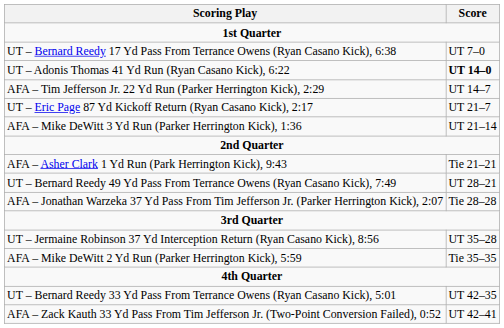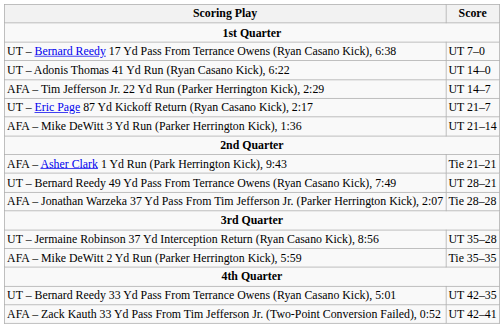 <table class="wikitable">
 <tr>
 <th>Scoring Play</th>
 <th>Score</th>
 </tr>
 <tr>
 <td colspan="4" align="center"><strong>1st Quarter</strong></td>
 </tr>
 <tr>
 <td>UT – <a href='#'>Bernard Reedy</a> 17 Yd Pass From Terrance Owens (Ryan Casano Kick), 6:38</td>
 <td>UT 7–0</td>
 </tr>
 <tr>
 <td>UT – Adonis Thomas 41 Yd Run (Ryan Casano Kick), 6:22</td>
-<td><strong>UT 14–0</strong></td>
+<td>UT 14–0</td>
 </tr>
 <tr>
 <td>AFA – Tim Jefferson Jr. 22 Yd Run (Parker Herrington Kick), 2:29</td>
 <td>UT 14–7</td>
 </tr>
 <tr>
 <td>UT – <a href='#'>Eric Page</a> 87 Yd Kickoff Return (Ryan Casano Kick), 2:17</td>
 <td>UT 21–7</td>
 </tr>
 <tr>
 <td>AFA – Mike DeWitt 3 Yd Run (Parker Herrington Kick), 1:36</td>
 <td>UT 21–14</td>
 </tr>
 <tr>
 <td colspan="4" align="center"><strong>2nd Quarter</strong></td>
 </tr>
 <tr>
 <td>AFA – <a href='#'>Asher Clark</a> 1 Yd Run (Park Herrington Kick), 9:43</td>
 <td>Tie 21–21</td>
 </tr>
 <tr>
 <td>UT – Bernard Reedy 49 Yd Pass From Terrance Owens (Ryan Casano Kick), 7:49</td>
 <td>UT 28–21</td>
 </tr>
 <tr>
 <td>AFA – Jonathan Warzeka 37 Yd Pass From Tim Jefferson Jr. (Parker Herrington Kick), 2:07</td>
 <td>Tie 28–28</td>
 </tr>
 <tr>
 <td colspan="4" align="center"><strong>3rd Quarter</strong></td>
 </tr>
 <tr>
 <td>UT – Jermaine Robinson 37 Yd Interception Return (Ryan Casano Kick), 8:56</td>
 <td>UT 35–28</td>
 </tr>
 <tr>
 <td>AFA – Mike DeWitt 2 Yd Run (Parker Herrington Kick), 5:59</td>
 <td>Tie 35–35</td>
 </tr>
 <tr>
 <td colspan="4" align="center"><strong>4th Quarter</strong></td>
 </tr>
 <tr>
 <td>UT – Bernard Reedy 33 Yd Pass From Terrance Owens (Ryan Casano Kick), 5:01</td>
 <td>UT 42–35</td>
 </tr>
 <tr>
 <td>AFA – Zack Kauth 33 Yd Pass From Tim Jefferson Jr. (Two-Point Conversion Failed), 0:52</td>
 <td>UT 42–41</td>
 </tr>
 </table>
